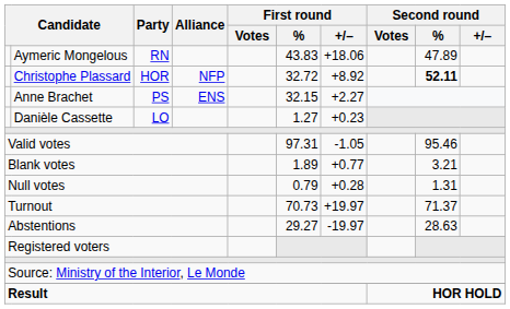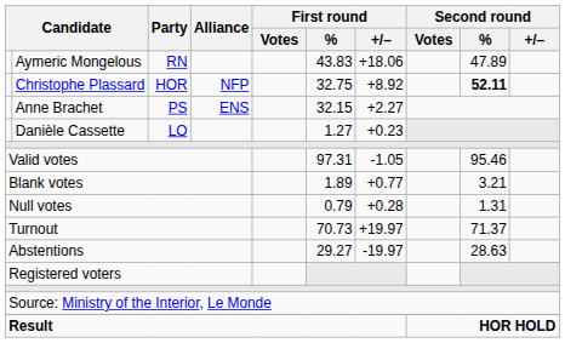 <table class="wikitable" style="text-align:right;font-size:95%;">
 <tr>
 <th rowspan="2" colspan="2">Candidate</th>
 <th rowspan="2">Party</th>
 <th rowspan="2">Alliance</th>
 <th colspan="3">First round</th>
 <th colspan="3">Second round</th>
 </tr>
 <tr>
 <th style="width:50px;">Votes</th>
 <th style="width:45px;">%</th>
 <th style="width:45px;">+/–</th>
 <th style="width:50px;">Votes</th>
 <th style="width:45px;">%</th>
 <th style="width:45px;">+/–</th>
 </tr>
 <tr>
 <td style="color:inherit;background:"></td>
 <td style="text-align:left;">Aymeric Mongelous</td>
 <td><a href='#'>RN</a></td>
 <td></td>
 <td></td>
 <td>43.83</td>
 <td>+18.06</td>
 <td></td>
 <td>47.89</td>
 <td></td>
 </tr>
 <tr>
 <td style="color:inherit;background:"></td>
 <td style="text-align:left;"><a href='#'>Christophe Plassard</a></td>
 <td><a href='#'>HOR</a></td>
 <td><a href='#'>NFP</a></td>
 <td></td>
-<td>32.72</td>
+<td>32.75</td>
 <td>+8.92</td>
 <td><strong></strong></td>
 <td><strong>52.11</strong></td>
 <td></td>
 </tr>
 <tr>
 <td style="color:inherit;background:"></td>
 <td style="text-align:left;">Anne Brachet</td>
 <td><a href='#'>PS</a></td>
 <td><a href='#'>ENS</a></td>
 <td></td>
 <td>32.15</td>
 <td>+2.27</td>
 <td colspan="3" style="background:#F8F9FA;"></td>
 </tr>
 <tr>
 <td style="color:inherit;background:"></td>
 <td style="text-align:left;">Danièle Cassette</td>
 <td><a href='#'>LO</a></td>
 <td></td>
 <td></td>
 <td>1.27</td>
 <td>+0.23</td>
 <td colspan="3" style="background:#E9E9E9;"></td>
 </tr>
 <tr>
 <td colspan="10" style="background:#E9E9E9;"></td>
 </tr>
 <tr>
 <td colspan="4" style="text-align:left;">Valid votes</td>
 <td></td>
 <td>97.31</td>
 <td>-1.05</td>
 <td></td>
 <td>95.46</td>
 <td></td>
 </tr>
 <tr>
 <td colspan="4" style="text-align:left;">Blank votes</td>
 <td></td>
 <td>1.89</td>
 <td>+0.77</td>
 <td></td>
 <td>3.21</td>
 <td></td>
 </tr>
 <tr>
 <td colspan="4" style="text-align:left;">Null votes</td>
 <td></td>
 <td>0.79</td>
 <td>+0.28</td>
 <td></td>
 <td>1.31</td>
 <td></td>
 </tr>
 <tr>
 <td colspan="4" style="text-align:left;">Turnout</td>
 <td></td>
 <td>70.73</td>
 <td>+19.97</td>
 <td></td>
 <td>71.37</td>
 <td></td>
 </tr>
 <tr>
 <td colspan="4" style="text-align:left;">Abstentions</td>
 <td></td>
 <td>29.27</td>
 <td>-19.97</td>
 <td></td>
 <td>28.63</td>
 <td></td>
 </tr>
 <tr>
 <td colspan="4" style="text-align:left;">Registered voters</td>
 <td></td>
 <td colspan="2" style="background:#E9E9E9;"></td>
 <td></td>
 <td colspan="2" style="background:#E9E9E9;"></td>
 </tr>
 <tr>
 <td colspan="10" style="background:#E9E9E9;"></td>
 </tr>
 <tr>
 <td colspan="10" style="text-align:left;">Source: <a href='#'>Ministry of the Interior</a>, <a href='#'>Le Monde</a></td>
 </tr>
 <tr>
 </tr>
 <tr style="font-weight:bold">
 <td colspan="7" style="text-align:left;">Result</td>
 <td colspan="7" style="background-color:">HOR HOLD</td>
 </tr>
 </table>
